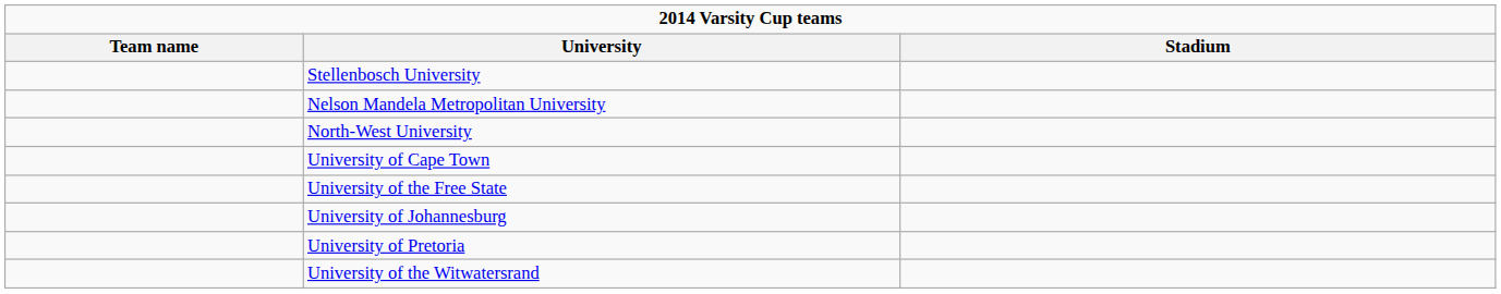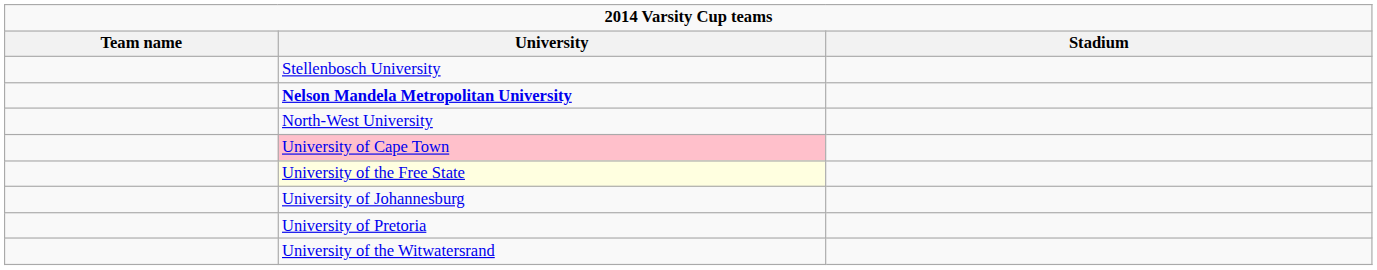 <table class="wikitable" style="text-align:left; line-height:110%; font-size:90%; width:60%;">
 <tr>
 <td colspan=4 align=center><strong>2014 Varsity Cup teams</strong></td>
 </tr>
 <tr>
 <th width="20%">Team name</th>
 <th width="40%">University</th>
 <th width="40%">Stadium</th>
 </tr>
 <tr>
 <td></td>
 <td><a href='#'>Stellenbosch University</a></td>
 <td></td>
 </tr>
 <tr>
 <td></td>
-<td><a href='#'>Nelson Mandela Metropolitan University</a></td>
+<td><strong><a href='#'>Nelson Mandela Metropolitan University</a></strong></td>
 <td></td>
 </tr>
 <tr>
 <td></td>
 <td><a href='#'>North-West University</a></td>
 <td></td>
 </tr>
 <tr>
 <td></td>
-<td><a href='#'>University of Cape Town</a></td>
+<td style="background: pink;"><a href='#'>University of Cape Town</a></td>
 <td></td>
 </tr>
 <tr>
 <td></td>
-<td><a href='#'>University of the Free State</a></td>
+<td style="background: lightyellow;"><a href='#'>University of the Free State</a></td>
 <td></td>
 </tr>
 <tr>
 <td></td>
 <td><a href='#'>University of Johannesburg</a></td>
 <td></td>
 </tr>
 <tr>
 <td></td>
 <td><a href='#'>University of Pretoria</a></td>
 <td></td>
 </tr>
 <tr>
 <td></td>
 <td><a href='#'>University of the Witwatersrand</a></td>
 <td></td>
 </tr>
 </table>
